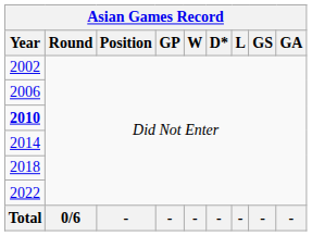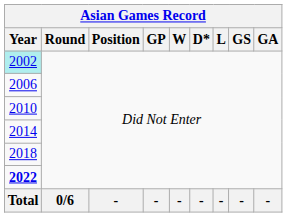 <table class="wikitable" style="text-align:center; font-size:90%;">
 <tr>
 <th colspan=9><a href='#'>Asian Games Record</a></th>
 </tr>
 <tr>
 <th>Year</th>
 <th>Round</th>
 <th>Position</th>
 <th>GP</th>
 <th>W</th>
 <th>D*</th>
 <th>L</th>
 <th>GS</th>
 <th>GA</th>
 </tr>
 <tr>
-<td> <a href='#'>2002</a></td>
+<td style="background: paleturquoise;"> <a href='#'>2002</a></td>
 <td colspan=8 rowspan=6><em>Did Not Enter</em></td>
 </tr>
 <tr>
 <td> <a href='#'>2006</a></td>
 </tr>
 <tr>
-<td><strong> <a href='#'>2010</a></strong></td>
+<td> <a href='#'>2010</a></td>
 </tr>
 <tr>
 <td> <a href='#'>2014</a></td>
 </tr>
 <tr>
 <td> <a href='#'>2018</a></td>
 </tr>
 <tr>
-<td> <a href='#'>2022</a></td>
+<td><strong> <a href='#'>2022</a></strong></td>
 </tr>
 <tr>
 <th>Total</th>
 <th>0/6</th>
 <th>-</th>
 <th>-</th>
 <th>-</th>
 <th>-</th>
 <th>-</th>
 <th>-</th>
 <th>-</th>
 </tr>
 </table>
